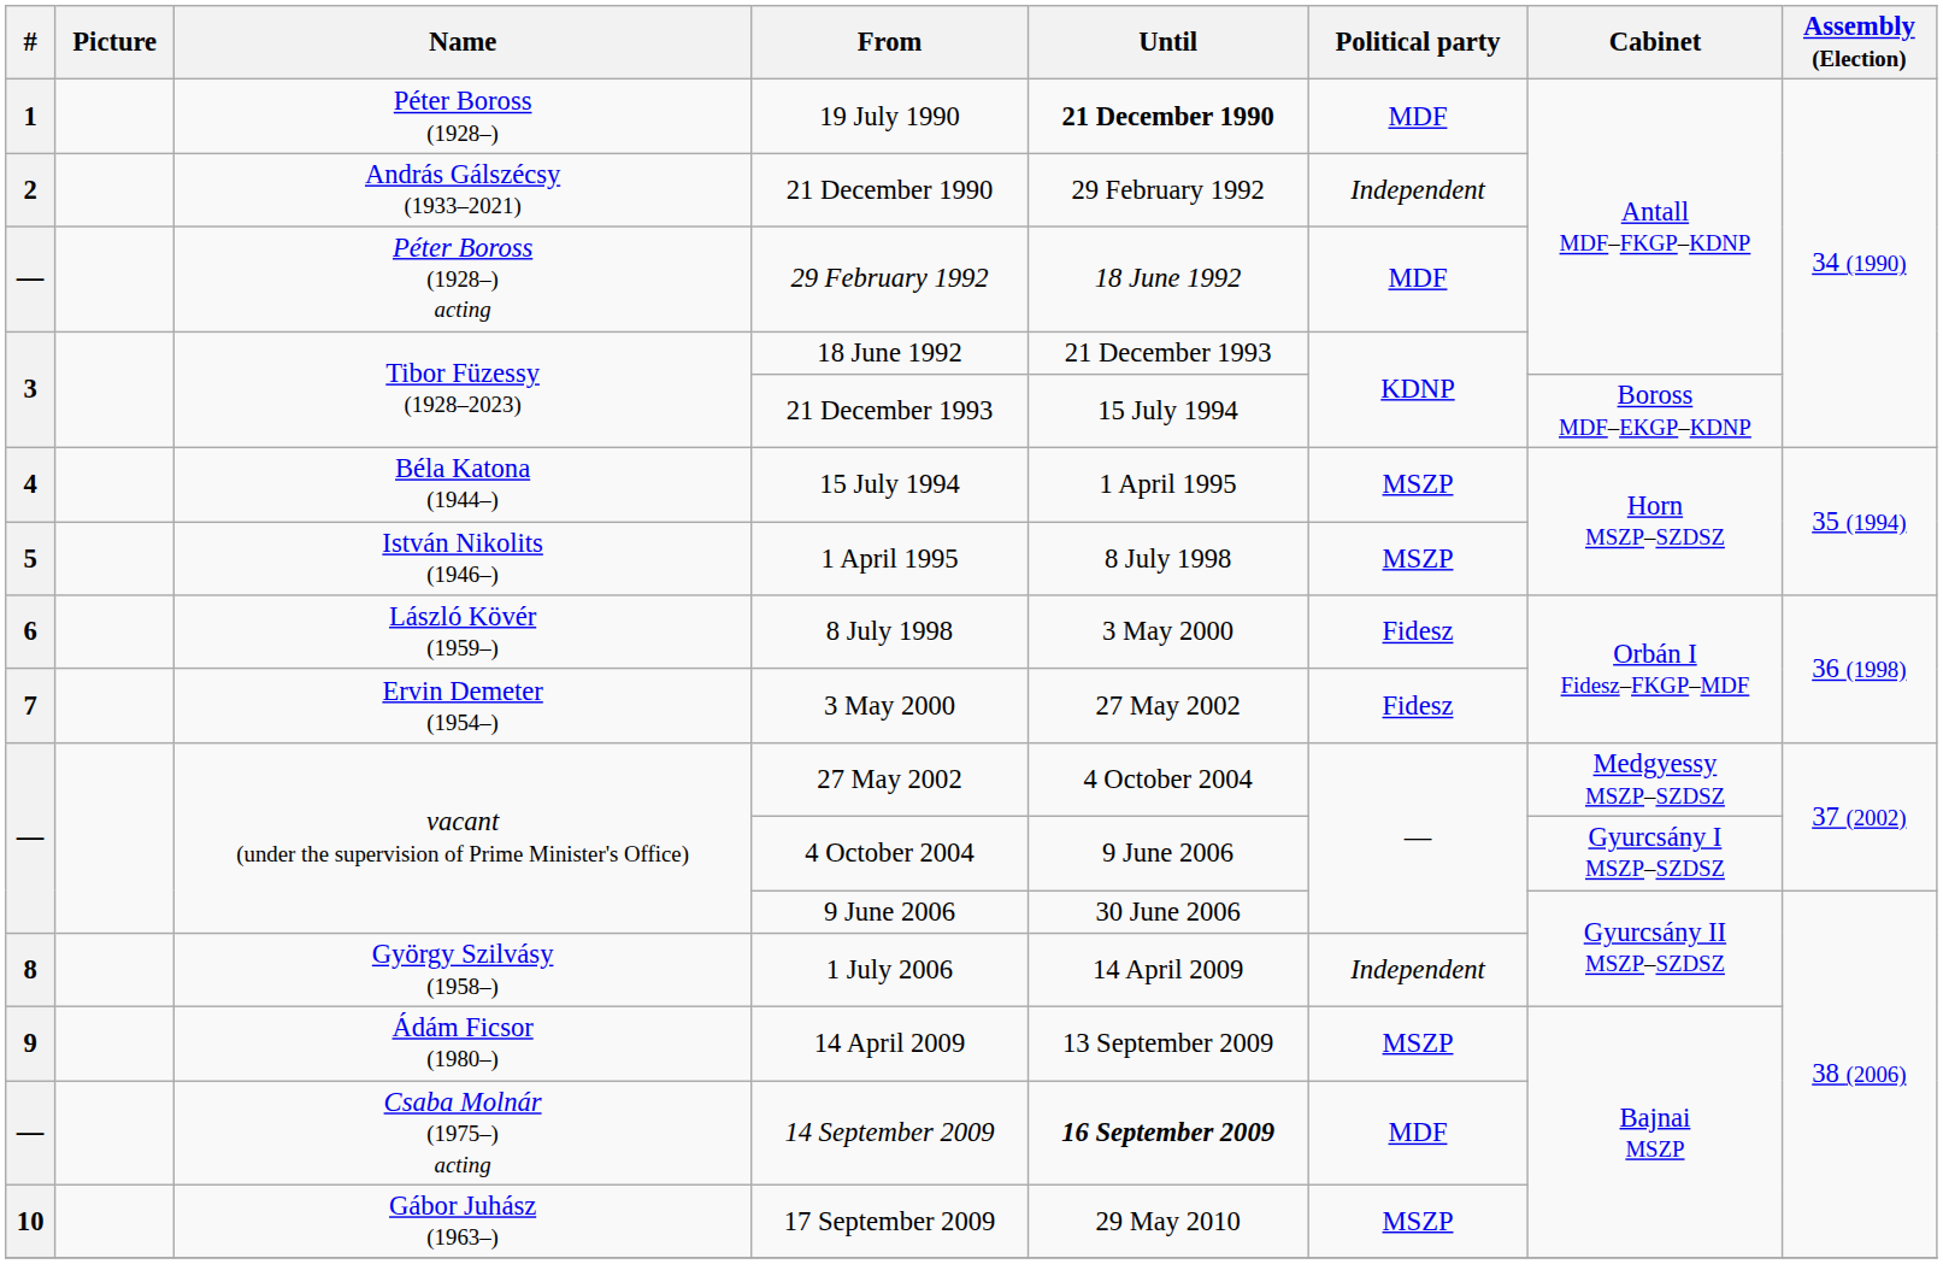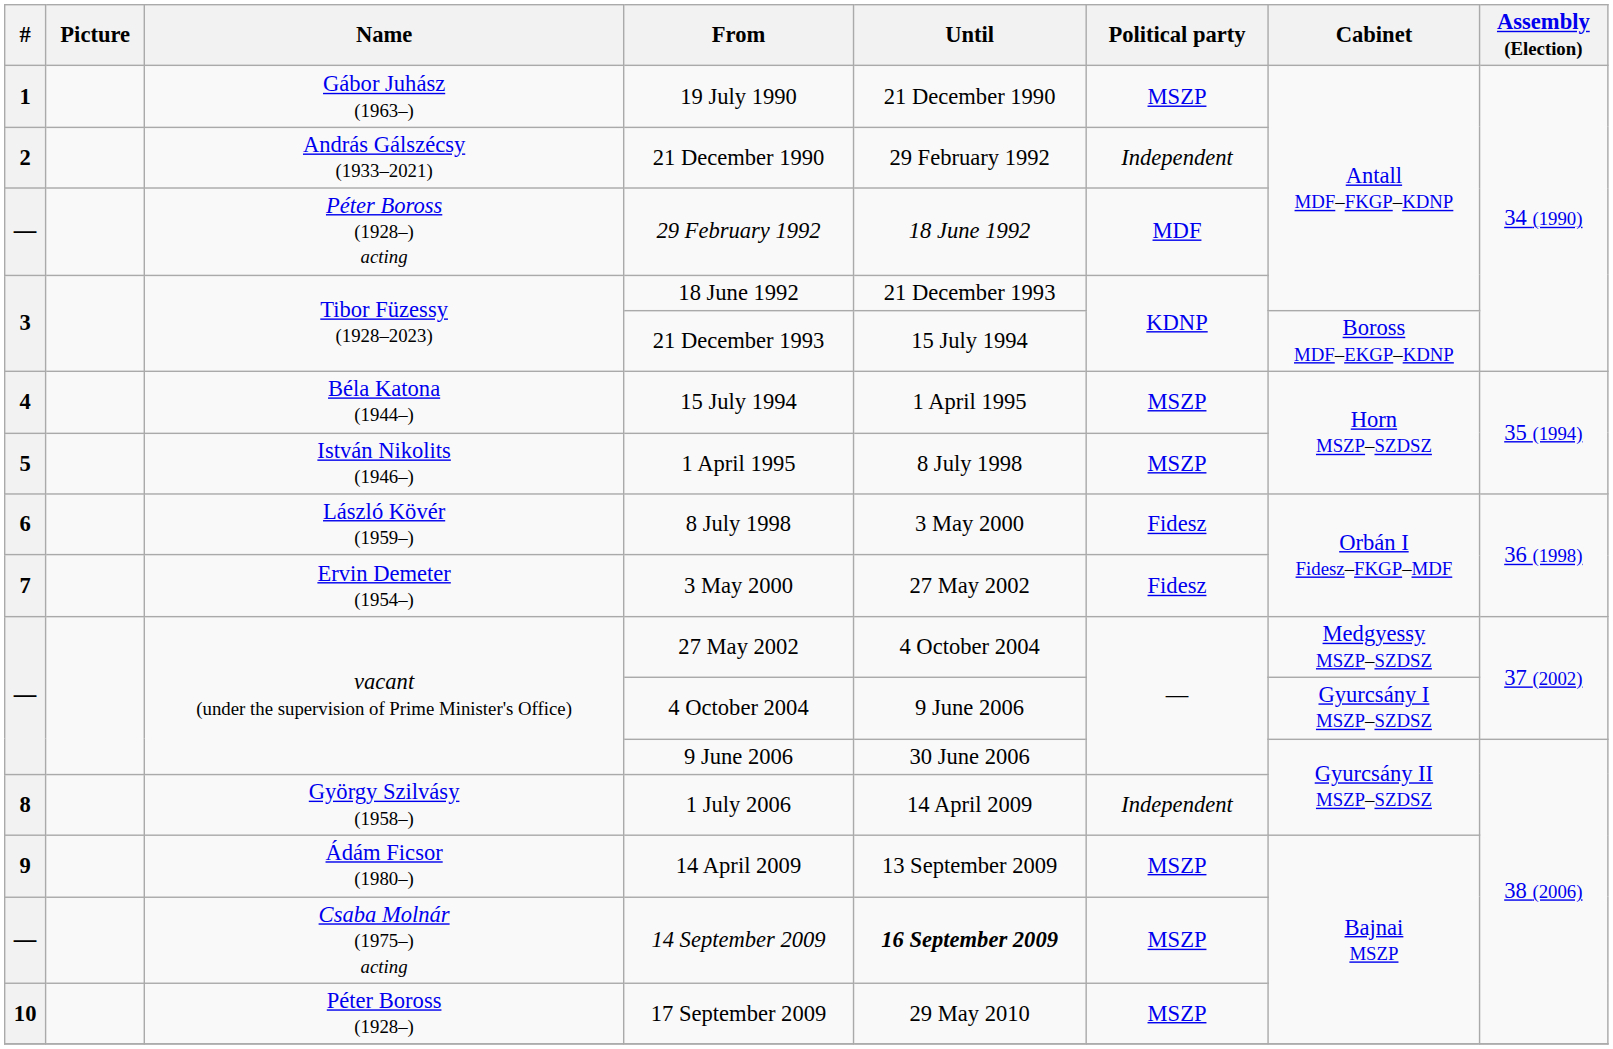 <table width=90% class="wikitable" style="text-align:center">
 <tr>
 <th>#</th>
 <th>Picture</th>
 <th>Name</th>
 <th>From</th>
 <th>Until</th>
 <th>Political party</th>
 <th>Cabinet</th>
 <th><a href='#'>Assembly</a><br><small>(Election)</small></th>
 </tr>
 <tr>
 <th style="background:">1</th>
 <td></td>
-<td><a href='#'>Péter Boross</a><br><small>(1928–)</small></td>
+<td><a href='#'>Gábor Juhász</a><br><small>(1963–)</small></td>
 <td>19 July 1990</td>
-<td><strong>21 December 1990</strong></td>
-<td><a href='#'>MDF</a></td>
+<td>21 December 1990</td>
+<td><a href='#'>MSZP</a></td>
 <td rowspan="4"><a href='#'>Antall</a><br><small><a href='#'>MDF</a>–<a href='#'>FKGP</a>–<a href='#'>KDNP</a></small></td>
 <td rowspan="5"><a href='#'>34 <small>(1990)</small></a></td>
 </tr>
 <tr>
 <th style="background:">2</th>
 <td></td>
 <td><a href='#'>András Gálszécsy</a><br><small>(1933–2021)</small></td>
 <td>21 December 1990</td>
 <td>29 February 1992</td>
 <td><em>Independent</em></td>
 </tr>
 <tr>
 <th style="background:">—</th>
 <td></td>
 <td><em><a href='#'>Péter Boross</a></em><br><small>(1928–)<br><em>acting</em></small></td>
 <td><em>29 February 1992</em></td>
 <td><em>18 June 1992</em></td>
 <td><a href='#'>MDF</a></td>
 </tr>
 <tr>
 <th rowspan="2" style="background:">3</th>
 <td rowspan="2"></td>
 <td rowspan="2"><a href='#'>Tibor Füzessy</a><br><small>(1928–2023)</small></td>
 <td>18 June 1992</td>
 <td>21 December 1993</td>
 <td rowspan="2"><a href='#'>KDNP</a></td>
 </tr>
 <tr>
 <td>21 December 1993</td>
 <td>15 July 1994</td>
 <td><a href='#'>Boross</a><br><small><a href='#'>MDF</a>–<a href='#'>EKGP</a>–<a href='#'>KDNP</a></small></td>
 </tr>
 <tr>
 <th style="background:">4</th>
 <td></td>
 <td><a href='#'>Béla Katona</a><br><small>(1944–)</small></td>
 <td>15 July 1994</td>
 <td>1 April 1995</td>
 <td><a href='#'>MSZP</a></td>
 <td rowspan="2"><a href='#'>Horn</a><br><small><a href='#'>MSZP</a>–<a href='#'>SZDSZ</a></small></td>
 <td rowspan="2"><a href='#'>35 <small>(1994)</small></a></td>
 </tr>
 <tr>
 <th style="background:">5</th>
 <td></td>
 <td><a href='#'>István Nikolits</a><br><small>(1946–)</small></td>
 <td>1 April 1995</td>
 <td>8 July 1998</td>
 <td><a href='#'>MSZP</a></td>
 </tr>
 <tr>
 <th style="background:">6</th>
 <td></td>
 <td><a href='#'>László Kövér</a><br><small>(1959–)</small></td>
 <td>8 July 1998</td>
 <td>3 May 2000</td>
 <td><a href='#'>Fidesz</a></td>
 <td rowspan="2"><a href='#'>Orbán I</a><br><small><a href='#'>Fidesz</a>–<a href='#'>FKGP</a>–<a href='#'>MDF</a></small></td>
 <td rowspan="2"><a href='#'>36 <small>(1998)</small></a></td>
 </tr>
 <tr>
 <th style="background:">7</th>
 <td></td>
 <td><a href='#'>Ervin Demeter</a><br><small>(1954–)</small></td>
 <td>3 May 2000</td>
 <td>27 May 2002</td>
 <td><a href='#'>Fidesz</a></td>
 </tr>
 <tr>
 <th rowspan="3" style="background:">—</th>
 <td rowspan="3"></td>
 <td rowspan="3"><em>vacant</em><br><small>(under the supervision of Prime Minister's Office)</small></td>
 <td>27 May 2002</td>
 <td>4 October 2004</td>
 <td rowspan="3">—</td>
 <td><a href='#'>Medgyessy</a><br><small><a href='#'>MSZP</a>–<a href='#'>SZDSZ</a></small></td>
 <td rowspan="2"><a href='#'>37 <small>(2002)</small></a></td>
 </tr>
 <tr>
 <td>4 October 2004</td>
 <td>9 June 2006</td>
 <td><a href='#'>Gyurcsány I</a><br><small><a href='#'>MSZP</a>–<a href='#'>SZDSZ</a></small></td>
 </tr>
 <tr>
 <td>9 June 2006</td>
 <td>30 June 2006</td>
 <td rowspan="2"><a href='#'>Gyurcsány II</a><br><small><a href='#'>MSZP</a>–<a href='#'>SZDSZ</a></small></td>
 <td rowspan="5"><a href='#'>38 <small>(2006)</small></a></td>
 </tr>
 <tr>
 <th style="background:">8</th>
 <td></td>
 <td><a href='#'>György Szilvásy</a><br><small>(1958–)</small></td>
 <td>1 July 2006</td>
 <td>14 April 2009</td>
 <td><em>Independent</em></td>
 </tr>
 <tr>
 <th style="background:">9</th>
 <td></td>
 <td><a href='#'>Ádám Ficsor</a><br><small>(1980–)</small></td>
 <td>14 April 2009</td>
 <td>13 September 2009</td>
 <td><a href='#'>MSZP</a></td>
 <td rowspan="3"><a href='#'>Bajnai</a><br><small><a href='#'>MSZP</a></small></td>
 </tr>
 <tr>
 <th style="background:">—</th>
 <td></td>
 <td><em><a href='#'>Csaba Molnár</a></em><br><small>(1975–)<br><em>acting</em></small></td>
 <td><em>14 September 2009</em></td>
 <td><strong><em>16 September 2009</em></strong></td>
-<td><a href='#'>MDF</a></td>
+<td><a href='#'>MSZP</a></td>
 </tr>
 <tr>
 <th style="background:">10</th>
 <td></td>
-<td><a href='#'>Gábor Juhász</a><br><small>(1963–)</small></td>
+<td><a href='#'>Péter Boross</a><br><small>(1928–)</small></td>
 <td>17 September 2009</td>
 <td>29 May 2010</td>
 <td><a href='#'>MSZP</a></td>
 </tr>
 <tr>
 </tr>
 </table>
